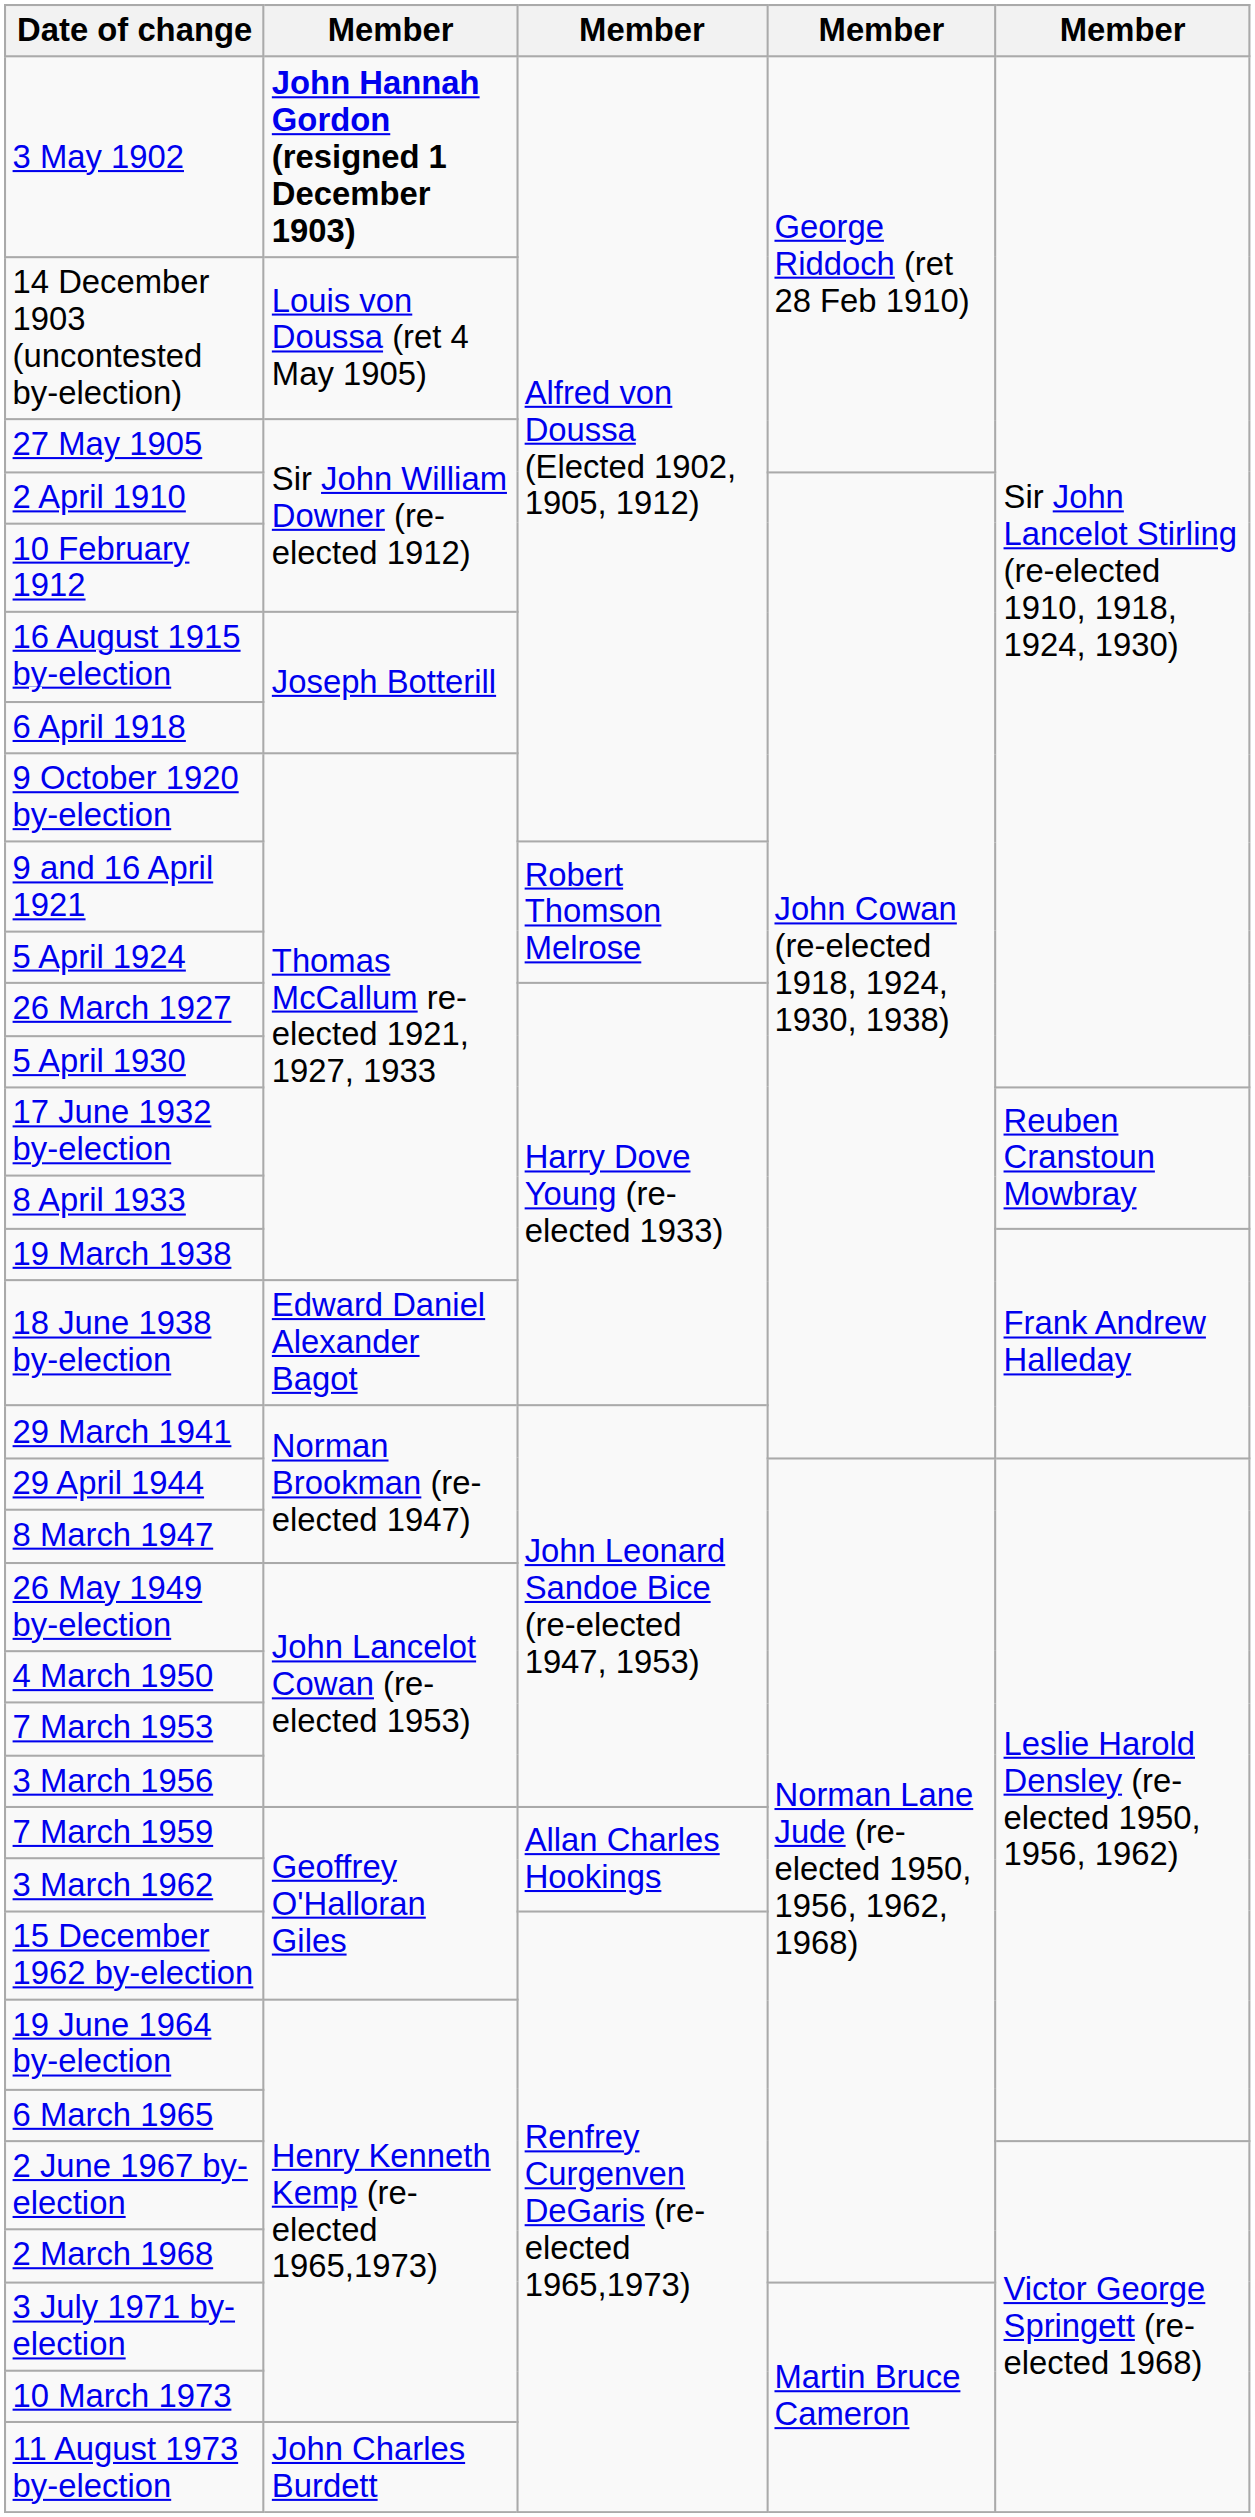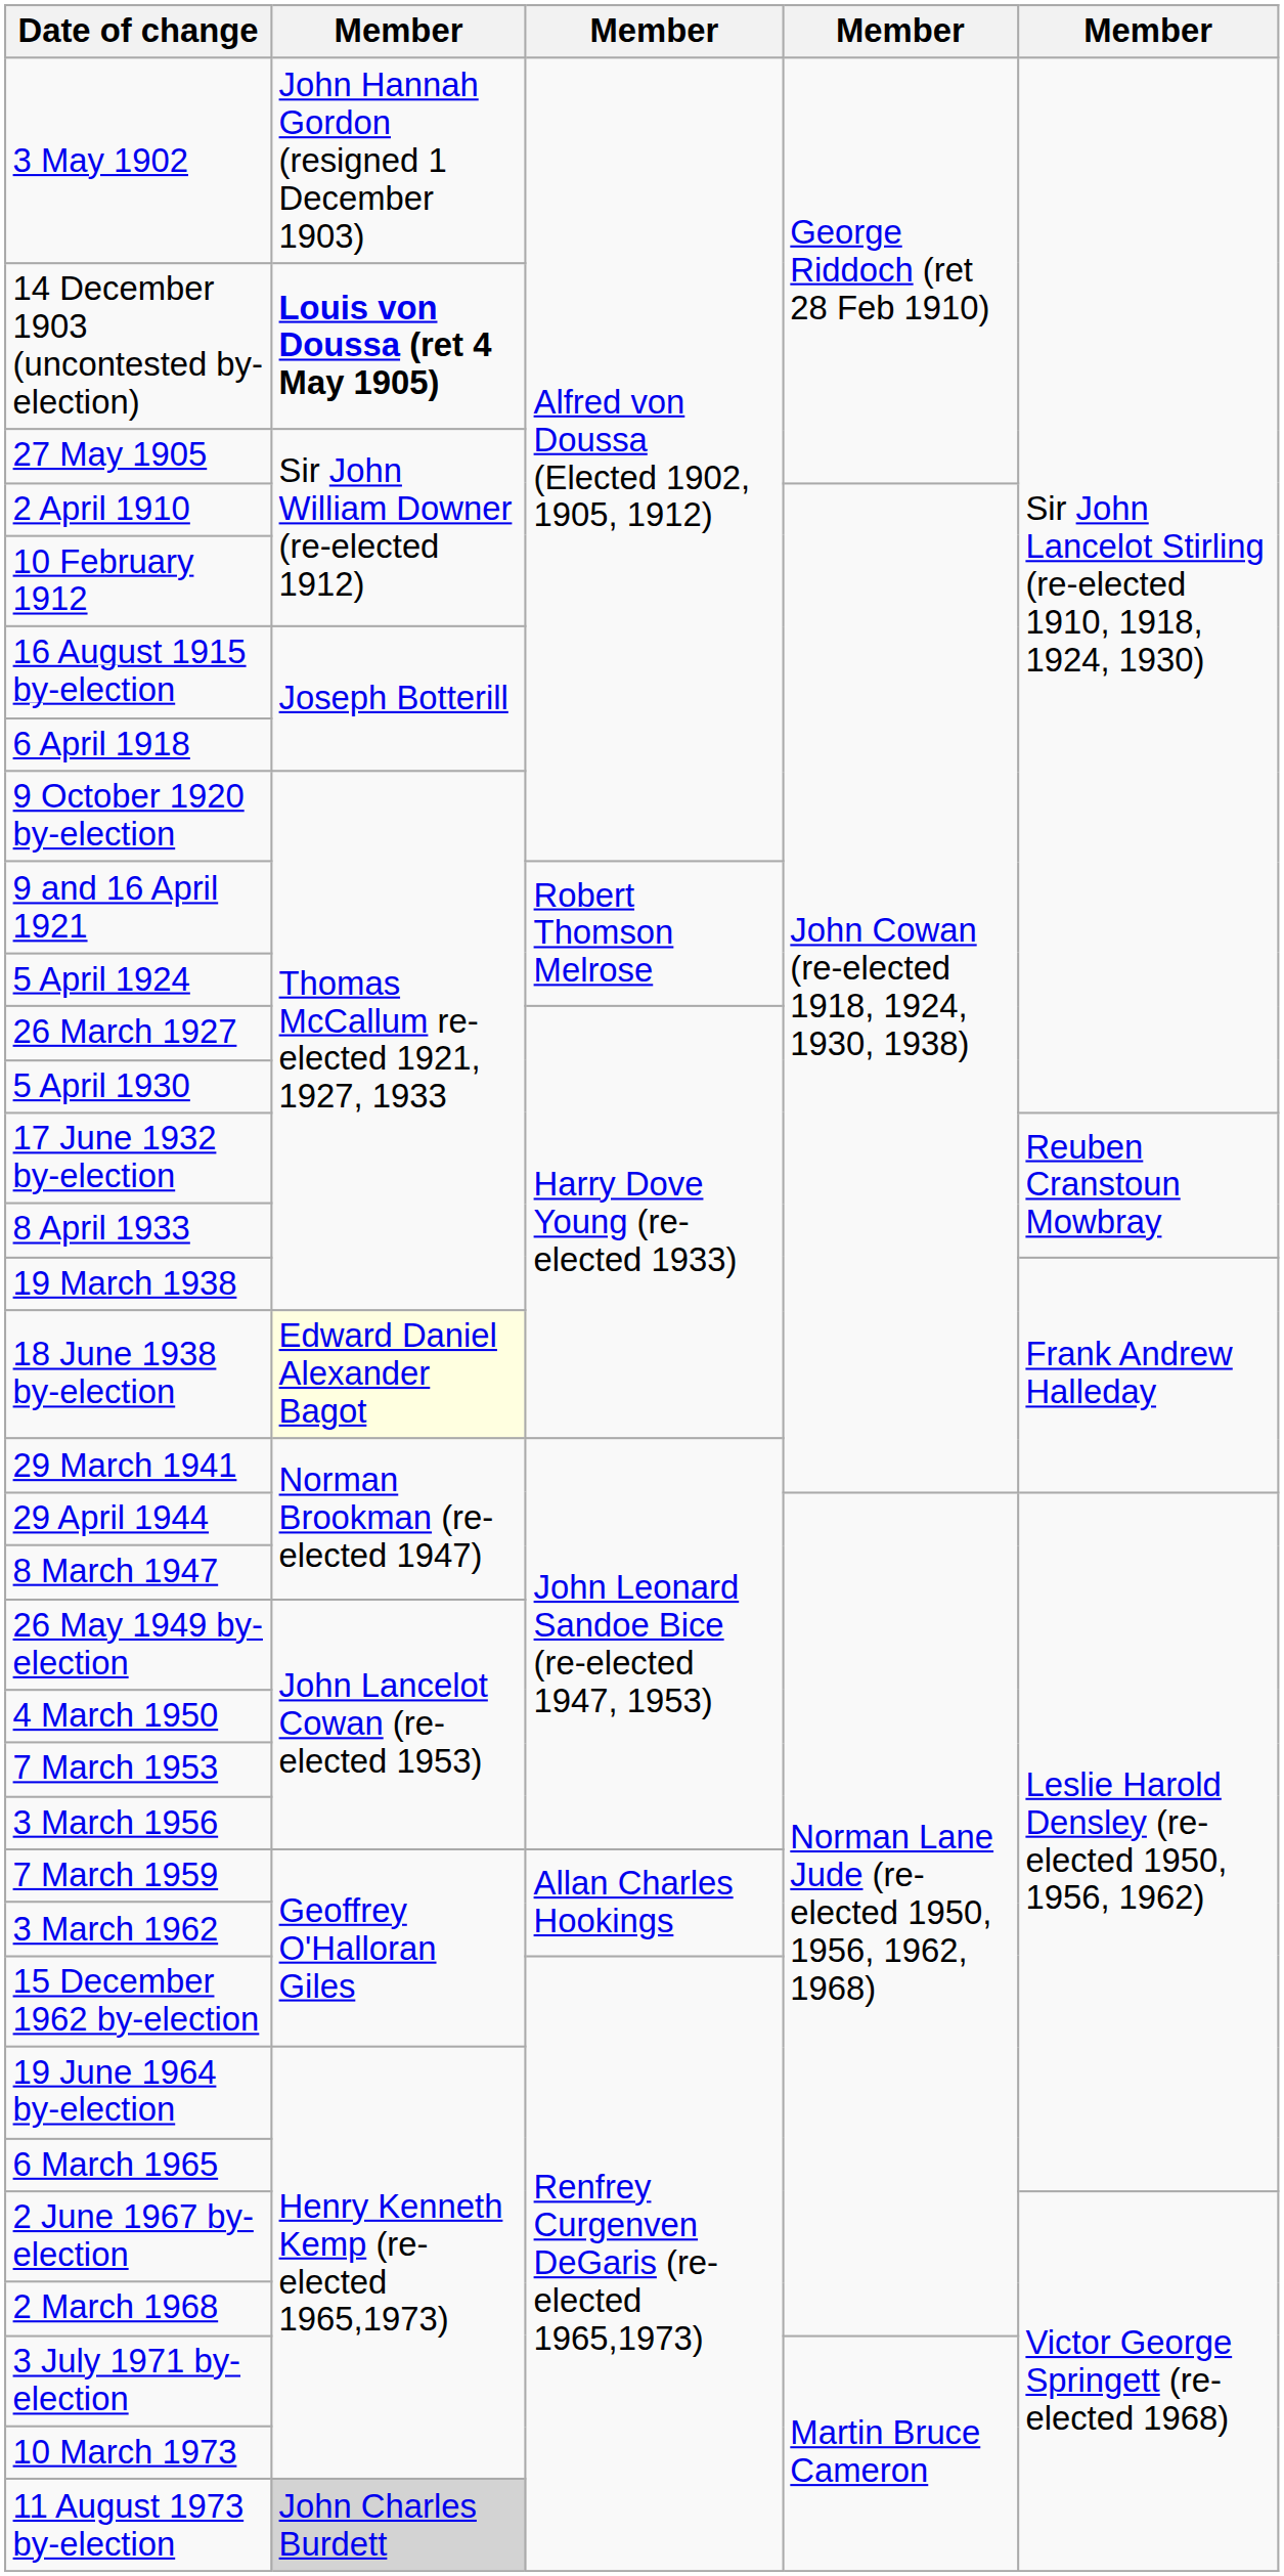 <table class="wikitable">
 <tr>
 <th>Date of change</th>
 <th>Member</th>
 <th>Member</th>
 <th>Member</th>
 <th>Member</th>
 </tr>
 <tr>
 <td><a href='#'>3 May 1902</a></td>
-<td rowspan=1><strong><a href='#'>John Hannah Gordon</a> (resigned 1 December 1903)</strong></td>
+<td rowspan=1><a href='#'>John Hannah Gordon</a> (resigned 1 December 1903)</td>
 <td rowspan=8><a href='#'>Alfred von Doussa</a> (Elected 1902, 1905, 1912)</td>
 <td rowspan=3><a href='#'>George Riddoch</a> (ret 28 Feb 1910)</td>
 <td rowspan=12>Sir <a href='#'>John Lancelot Stirling</a> (re-elected 1910, 1918, 1924, 1930)</td>
 </tr>
 <tr>
 <td>14 December 1903 (uncontested by-election)</td>
-<td rowspan=1><a href='#'>Louis von Doussa</a> (ret 4 May 1905)</td>
+<td rowspan=1><strong><a href='#'>Louis von Doussa</a> (ret 4 May 1905)</strong></td>
 </tr>
 <tr>
 <td><a href='#'>27 May 1905</a></td>
 <td rowspan=3>Sir <a href='#'>John William Downer</a> (re-elected 1912)</td>
 </tr>
 <tr>
 <td><a href='#'>2 April 1910</a></td>
 <td rowspan=14><a href='#'>John Cowan</a> (re-elected 1918, 1924, 1930, 1938)</td>
 </tr>
 <tr>
 <td><a href='#'>10 February 1912</a></td>
 </tr>
 <tr>
 <td><a href='#'>16 August 1915 by-election</a></td>
 <td rowspan=2><a href='#'>Joseph Botterill</a></td>
 </tr>
 <tr>
 <td><a href='#'>6 April 1918</a></td>
 </tr>
 <tr>
 <td><a href='#'>9 October 1920 by-election</a></td>
 <td rowspan=8><a href='#'>Thomas McCallum</a> re-elected  1921, 1927, 1933</td>
 </tr>
 <tr>
 <td><a href='#'>9 and 16 April 1921</a></td>
 <td rowspan=2><a href='#'>Robert Thomson Melrose</a></td>
 </tr>
 <tr>
 <td><a href='#'>5 April 1924</a></td>
 </tr>
 <tr>
 <td><a href='#'>26 March 1927</a></td>
 <td rowspan=6><a href='#'>Harry Dove Young</a> (re-elected 1933)</td>
 </tr>
 <tr>
 <td><a href='#'>5 April 1930</a></td>
 </tr>
 <tr>
 <td><a href='#'>17 June 1932 by-election</a></td>
 <td rowspan=2><a href='#'>Reuben Cranstoun Mowbray</a></td>
 </tr>
 <tr>
 <td><a href='#'>8 April 1933</a></td>
 </tr>
 <tr>
 <td><a href='#'>19 March 1938</a></td>
 <td rowspan=3><a href='#'>Frank Andrew Halleday</a></td>
 </tr>
 <tr>
 <td><a href='#'>18 June 1938 by-election</a></td>
-<td rowspan=1><a href='#'>Edward Daniel Alexander Bagot</a></td>
+<td rowspan=1 style="background: lightyellow;"><a href='#'>Edward Daniel Alexander Bagot</a></td>
 </tr>
 <tr>
 <td><a href='#'>29 March 1941</a></td>
 <td rowspan=3><a href='#'>Norman Brookman</a> (re-elected 1947)</td>
 <td rowspan=7><a href='#'>John Leonard Sandoe Bice</a> (re-elected 1947, 1953)</td>
 </tr>
 <tr>
 <td><a href='#'>29 April 1944</a></td>
 <td rowspan=13><a href='#'>Norman Lane Jude</a> (re-elected 1950, 1956, 1962, 1968)</td>
 <td rowspan=11><a href='#'>Leslie Harold Densley</a> (re-elected 1950, 1956, 1962)</td>
 </tr>
 <tr>
 <td><a href='#'>8 March 1947</a></td>
 </tr>
 <tr>
 <td><a href='#'>26 May 1949 by-election</a></td>
 <td rowspan=4><a href='#'>John Lancelot Cowan</a> (re-elected 1953)</td>
 </tr>
 <tr>
 <td><a href='#'>4 March 1950</a></td>
 </tr>
 <tr>
 <td><a href='#'>7 March 1953</a></td>
 </tr>
 <tr>
 <td><a href='#'>3 March 1956</a></td>
 </tr>
 <tr>
 <td><a href='#'>7 March 1959</a></td>
 <td rowspan=3><a href='#'>Geoffrey O'Halloran Giles</a></td>
 <td rowspan=2><a href='#'>Allan Charles Hookings</a></td>
 </tr>
 <tr>
 <td><a href='#'>3 March 1962</a></td>
 </tr>
 <tr>
 <td><a href='#'>15 December 1962 by-election</a></td>
 <td rowspan=8><a href='#'>Renfrey Curgenven DeGaris</a> (re-elected 1965,1973)</td>
 </tr>
 <tr>
 <td><a href='#'>19 June 1964 by-election</a></td>
 <td rowspan=6><a href='#'>Henry Kenneth Kemp</a> (re-elected 1965,1973)</td>
 </tr>
 <tr>
 <td><a href='#'>6 March 1965</a></td>
 </tr>
 <tr>
 <td><a href='#'>2 June 1967 by-election</a></td>
 <td rowspan=5><a href='#'>Victor George Springett</a> (re-elected 1968)</td>
 </tr>
 <tr>
 <td><a href='#'>2 March 1968</a></td>
 </tr>
 <tr>
 <td><a href='#'>3 July 1971 by-election</a></td>
 <td rowspan=3><a href='#'>Martin Bruce Cameron</a></td>
 </tr>
 <tr>
 <td><a href='#'>10 March 1973</a></td>
 </tr>
 <tr>
 <td><a href='#'>11 August 1973 by-election</a></td>
-<td><a href='#'>John Charles Burdett</a></td>
+<td style="background: lightgrey;"><a href='#'>John Charles Burdett</a></td>
 </tr>
 </table>
